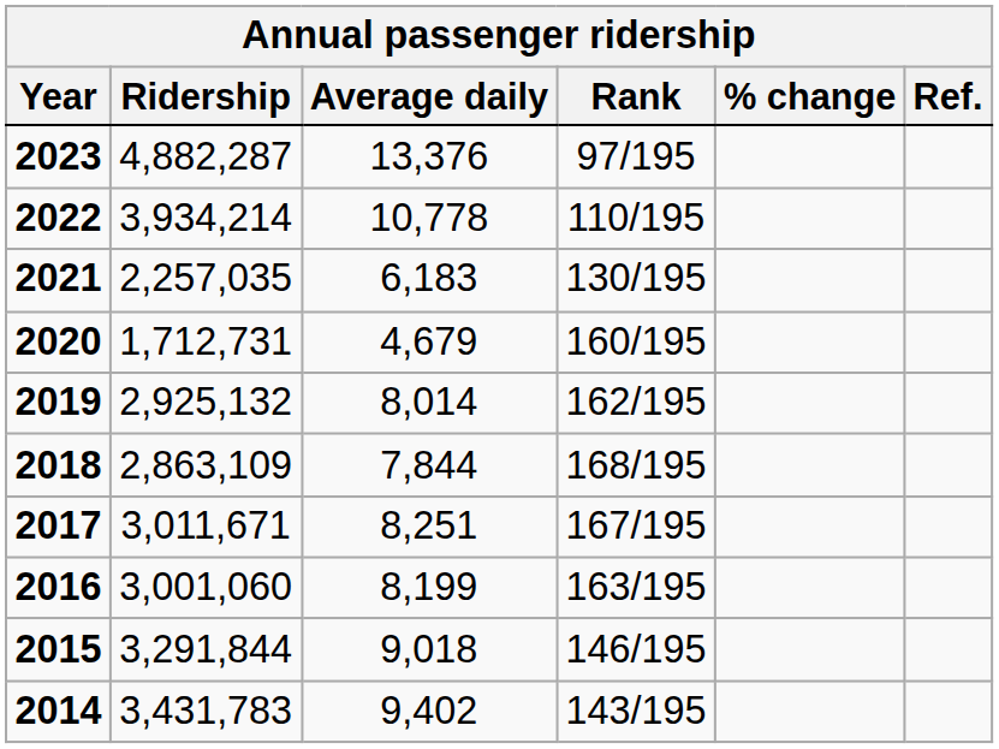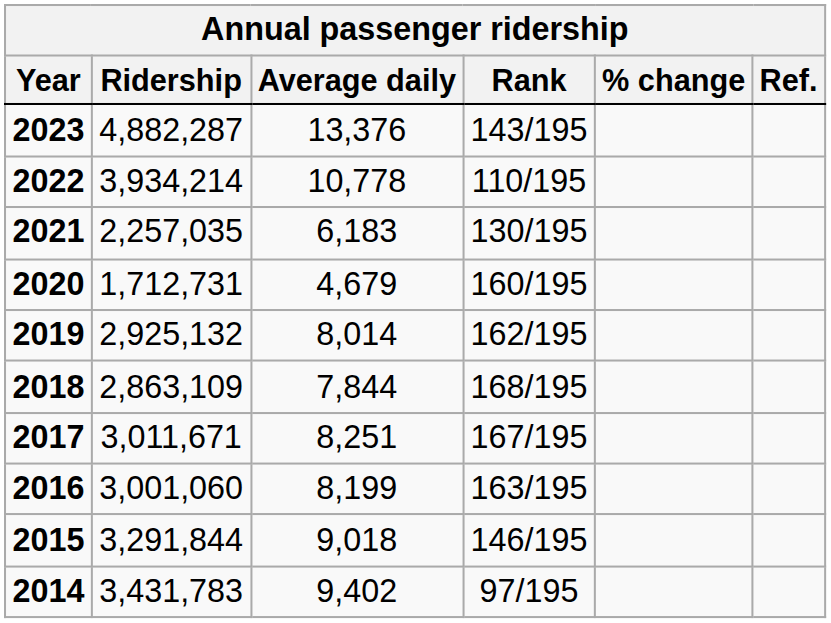 <table class="wikitable sortable" style="text-align:right;">
 <tr>
 <th colspan="6" style="background-color:#">Annual passenger ridership</th>
 </tr>
 <tr style="font-size:95%; text-align:center">
 <th style="border-bottom:1px solid black">Year</th>
 <th style="border-bottom:1px solid black">Ridership</th>
 <th style="border-bottom:1px solid black">Average daily</th>
 <th style="border-bottom:1px solid black">Rank</th>
 <th style="border-bottom:1px solid black">% change</th>
 <th style="border-bottom:1px solid black">Ref.</th>
 </tr>
 <tr style="text-align:center;">
 <td><strong>2023</strong></td>
 <td>4,882,287</td>
 <td>13,376</td>
-<td>97/195</td>
+<td>143/195</td>
 <td></td>
 <td></td>
 </tr>
 <tr style="text-align:center;">
 <td><strong>2022</strong></td>
 <td>3,934,214</td>
 <td>10,778</td>
 <td>110/195</td>
 <td></td>
 <td></td>
 </tr>
 <tr style="text-align:center;">
 <td><strong>2021</strong></td>
 <td>2,257,035</td>
 <td>6,183</td>
 <td>130/195</td>
 <td></td>
 <td></td>
 </tr>
 <tr style="text-align:center;">
 <td><strong>2020</strong></td>
 <td>1,712,731</td>
 <td>4,679</td>
 <td>160/195</td>
 <td></td>
 <td></td>
 </tr>
 <tr style="text-align:center;">
 <td><strong>2019</strong></td>
 <td>2,925,132</td>
 <td>8,014</td>
 <td>162/195</td>
 <td></td>
 <td></td>
 </tr>
 <tr style="text-align:center;">
 <td><strong>2018</strong></td>
 <td>2,863,109</td>
 <td>7,844</td>
 <td>168/195</td>
 <td></td>
 <td></td>
 </tr>
 <tr style="text-align:center;">
 <td><strong>2017</strong></td>
 <td>3,011,671</td>
 <td>8,251</td>
 <td>167/195</td>
 <td></td>
 <td></td>
 </tr>
 <tr style="text-align:center;">
 <td><strong>2016</strong></td>
 <td>3,001,060</td>
 <td>8,199</td>
 <td>163/195</td>
 <td></td>
 <td></td>
 </tr>
 <tr style="text-align:center;">
 <td><strong>2015</strong></td>
 <td>3,291,844</td>
 <td>9,018</td>
 <td>146/195</td>
 <td></td>
 <td></td>
 </tr>
 <tr style="text-align:center;">
 <td><strong>2014</strong></td>
 <td>3,431,783</td>
 <td>9,402</td>
-<td>143/195</td>
+<td>97/195</td>
 <td></td>
 <td></td>
 </tr>
 </table>
